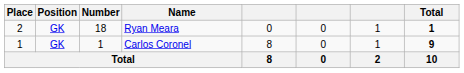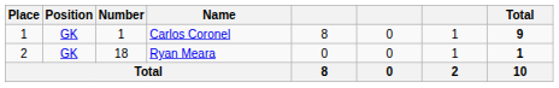 <table class="wikitable" style="font-size: 95%; text-align: center;">
 <tr>
 <th width=30>Place</th>
 <th width=30>Position</th>
 <th width=30>Number</th>
 <th width=175>Name</th>
 <th width=75></th>
 <th width=75></th>
 <th width=75></th>
 <th width=75>Total</th>
 </tr>
 <tr>
+<td>1</td>
+<td><a href='#'>GK</a></td>
+<td>1</td>
+<td align="left"> <a href='#'>Carlos Coronel</a></td>
+<td>8</td>
+<td>0</td>
+<td>1</td>
+<td><strong>9</strong></td>
+</tr>
+<tr>
 <td>2</td>
 <td><a href='#'>GK</a></td>
 <td>18</td>
 <td align="left"> <a href='#'>Ryan Meara</a></td>
 <td>0</td>
 <td>0</td>
 <td>1</td>
 <td><strong>1</strong></td>
 </tr>
 <tr>
-<td>1</td>
-<td><a href='#'>GK</a></td>
-<td>1</td>
-<td align="left"> <a href='#'>Carlos Coronel</a></td>
-<td>8</td>
-<td>0</td>
-<td>1</td>
-<td><strong>9</strong></td>
-</tr>
-<tr>
 <th colspan="4">Total</th>
 <th>8</th>
 <th>0</th>
 <th>2</th>
 <th>10</th>
 </tr>
 </table>
